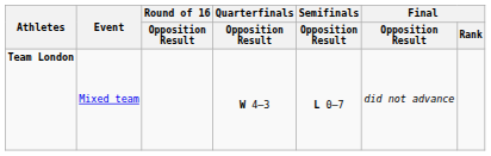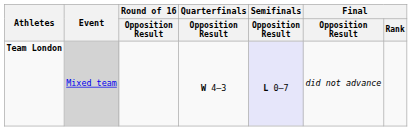 <table class="wikitable" style="font-size:90%">
 <tr>
 <th rowspan=2>Athletes</th>
 <th rowspan=2>Event</th>
 <th>Round of 16</th>
 <th>Quarterfinals</th>
 <th>Semifinals</th>
 <th colspan=2>Final</th>
 </tr>
 <tr style="font-size:95%">
 <th>Opposition<br>Result</th>
 <th>Opposition<br>Result</th>
 <th>Opposition<br>Result</th>
 <th>Opposition<br>Result</th>
 <th>Rank</th>
 </tr>
 <tr align=center>
 <td align=left><strong>Team London</strong><br><br><br><br><br><br><br><br></td>
-<td align=left><a href='#'>Mixed team</a></td>
+<td align=left style="background: lightgrey;"><a href='#'>Mixed team</a></td>
 <td></td>
 <td><br><strong>W</strong> 4–3</td>
-<td><br><strong>L</strong> 0–7</td>
+<td style="background: lavender;"><br><strong>L</strong> 0–7</td>
 <td><em>did not advance</em></td>
 <td></td>
 </tr>
 </table>
